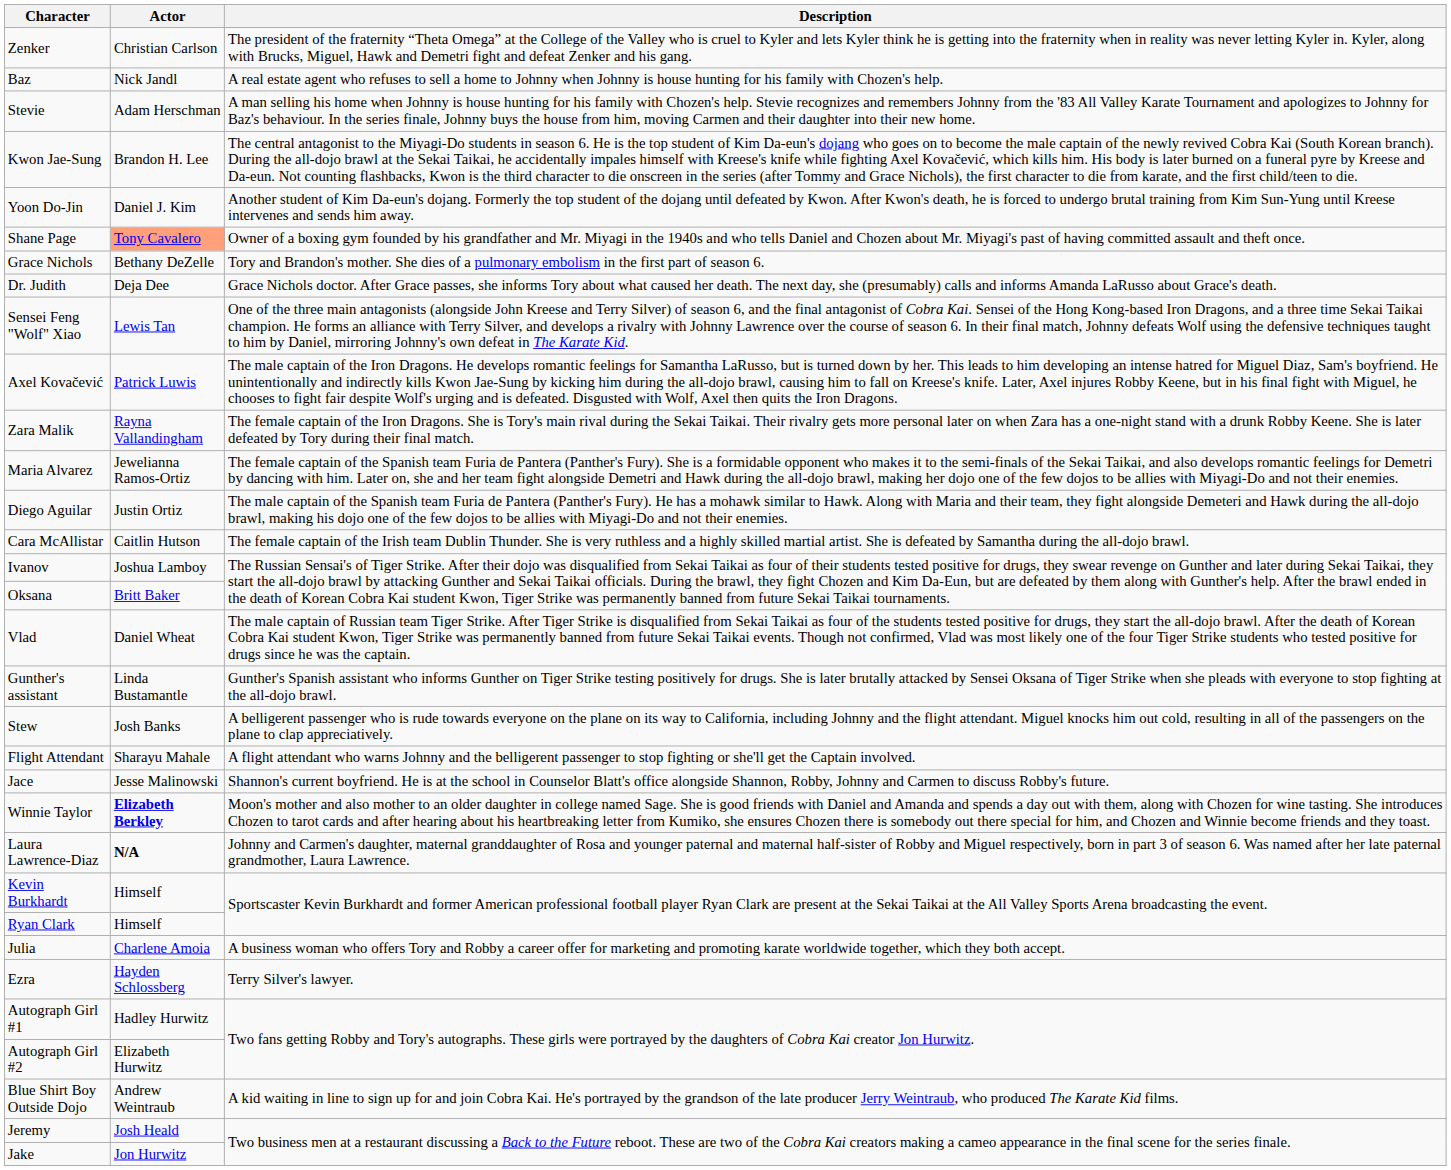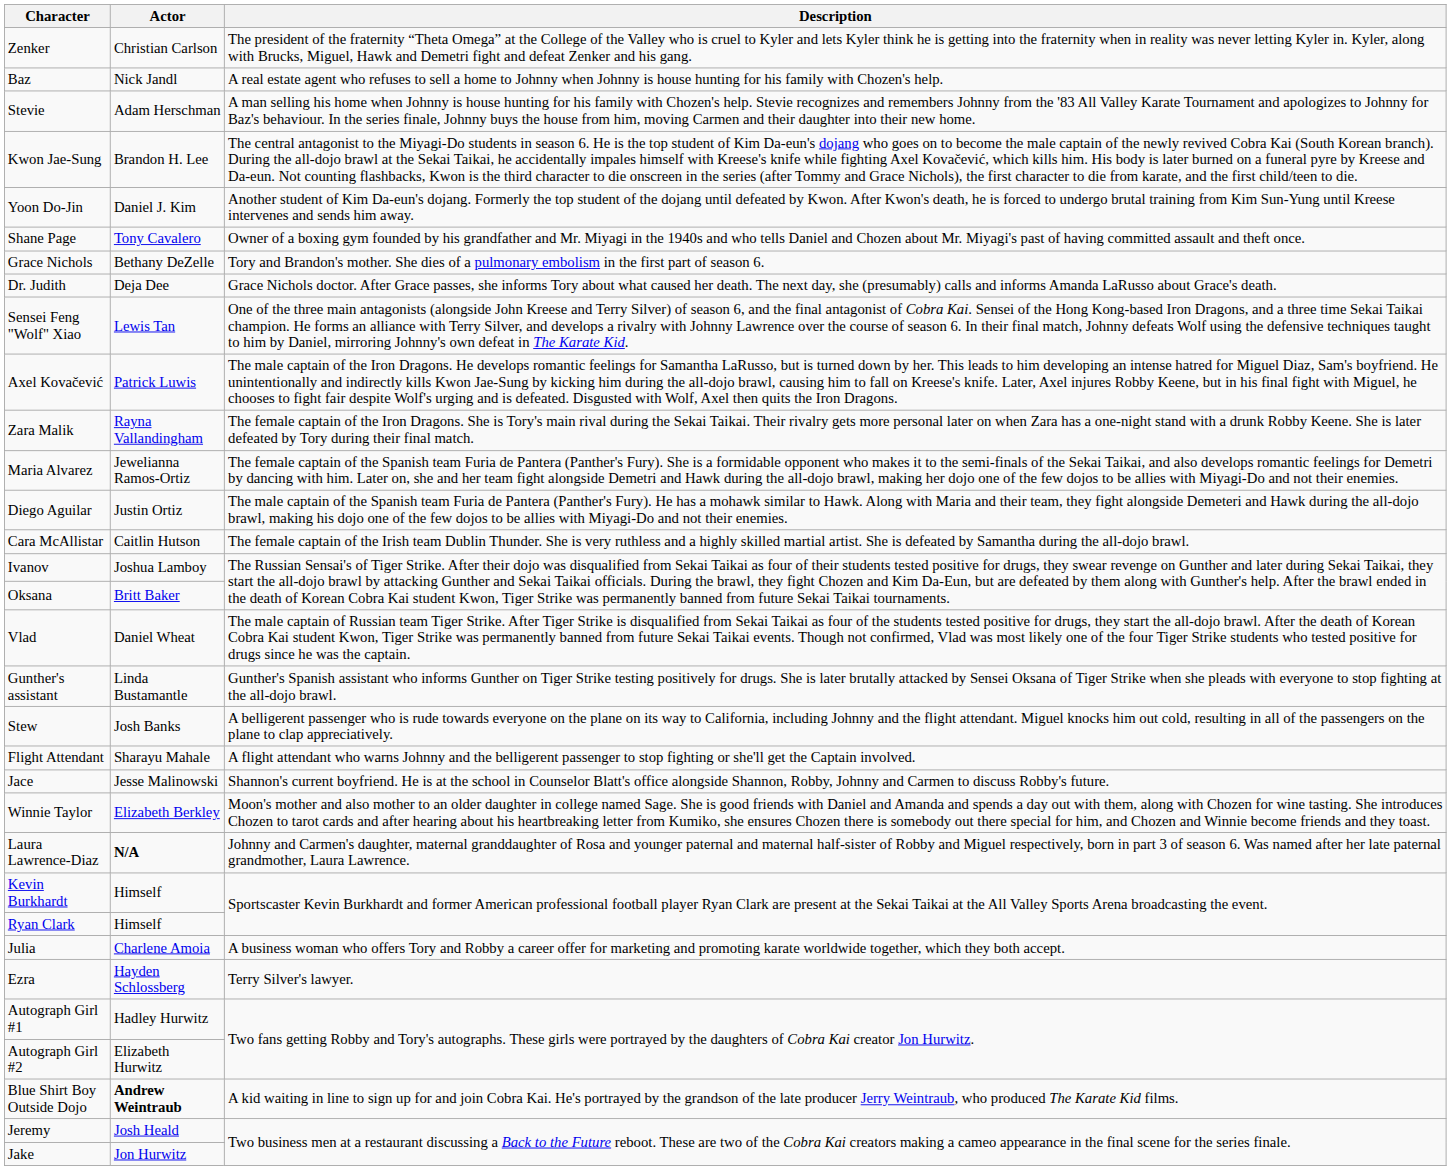 <table class="wikitable">
 <tr>
 <th>Character</th>
 <th>Actor</th>
 <th>Description</th>
 </tr>
 <tr>
 <td>Zenker</td>
 <td>Christian Carlson</td>
 <td>The president of the fraternity “Theta Omega” at the College of the Valley who is cruel to Kyler and lets Kyler think he is getting into the fraternity when in reality was never letting Kyler in. Kyler, along with Brucks, Miguel, Hawk and Demetri fight and defeat Zenker and his gang.</td>
 </tr>
 <tr>
 <td>Baz</td>
 <td>Nick Jandl</td>
 <td>A real estate agent who refuses to sell a home to Johnny when Johnny is house hunting for his family with Chozen's help.</td>
 </tr>
 <tr>
 <td>Stevie</td>
 <td>Adam Herschman</td>
 <td>A man selling his home when Johnny is house hunting for his family with Chozen's help. Stevie recognizes and remembers Johnny from the '83 All Valley Karate Tournament and apologizes to Johnny for Baz's behaviour. In the series finale, Johnny buys the house from him, moving Carmen and their daughter into their new home.</td>
 </tr>
 <tr>
 <td>Kwon Jae-Sung</td>
 <td>Brandon H. Lee</td>
 <td>The central antagonist to the Miyagi-Do students in season 6. He is the top student of Kim Da-eun's <a href='#'>dojang</a> who goes on to become the male captain of the newly revived Cobra Kai (South Korean branch). During the all-dojo brawl at the Sekai Taikai, he accidentally impales himself with Kreese's knife while fighting Axel Kovačević, which kills him. His body is later burned on a funeral pyre by Kreese and Da-eun. Not counting flashbacks, Kwon is the third character to die onscreen in the series (after Tommy and Grace Nichols), the first character to die from karate, and the first child/teen to die.</td>
 </tr>
 <tr>
 <td>Yoon Do-Jin</td>
 <td>Daniel J. Kim</td>
 <td>Another student of Kim Da-eun's dojang. Formerly the top student of the dojang until defeated by Kwon. After Kwon's death, he is forced to undergo brutal training from Kim Sun-Yung until Kreese intervenes and sends him away.</td>
 </tr>
 <tr>
 <td>Shane Page</td>
-<td style="background: lightsalmon;"><a href='#'>Tony Cavalero</a></td>
+<td><a href='#'>Tony Cavalero</a></td>
 <td>Owner of a boxing gym founded by his grandfather and Mr. Miyagi in the 1940s and who tells Daniel and Chozen about Mr. Miyagi's past of having committed assault and theft once.</td>
 </tr>
 <tr>
 <td>Grace Nichols</td>
 <td>Bethany DeZelle</td>
 <td>Tory and Brandon's mother. She dies of a <a href='#'>pulmonary embolism</a> in the first part of season 6.</td>
 </tr>
 <tr>
 <td>Dr. Judith</td>
 <td>Deja Dee</td>
 <td>Grace Nichols doctor. After Grace passes, she informs Tory about what caused her death. The next day, she (presumably) calls and informs Amanda LaRusso about Grace's death.</td>
 </tr>
 <tr>
 <td>Sensei Feng "Wolf" Xiao</td>
 <td><a href='#'>Lewis Tan</a></td>
 <td>One of the three main antagonists (alongside John Kreese and Terry Silver) of season 6, and the final antagonist of <em>Cobra Kai</em>. Sensei of the Hong Kong-based Iron Dragons, and a three time Sekai Taikai champion. He forms an alliance with Terry Silver, and develops a rivalry with Johnny Lawrence over the course of season 6. In their final match, Johnny defeats Wolf using the defensive techniques taught to him by Daniel, mirroring Johnny's own defeat in <em><a href='#'>The Karate Kid</a></em>.</td>
 </tr>
 <tr>
 <td>Axel Kovačević</td>
 <td><a href='#'>Patrick Luwis</a></td>
 <td>The male captain of the Iron Dragons. He develops romantic feelings for Samantha LaRusso, but is turned down by her. This leads to him developing an intense hatred for Miguel Diaz, Sam's boyfriend. He unintentionally and indirectly kills Kwon Jae-Sung by kicking him during the all-dojo brawl, causing him to fall on Kreese's knife. Later, Axel injures Robby Keene, but in his final fight with Miguel, he chooses to fight fair despite Wolf's urging and is defeated. Disgusted with Wolf, Axel then quits the Iron Dragons.</td>
 </tr>
 <tr>
 <td>Zara Malik</td>
 <td><a href='#'>Rayna Vallandingham</a></td>
 <td>The female captain of the Iron Dragons. She is Tory's main rival during the Sekai Taikai. Their rivalry gets more personal later on when Zara has a one-night stand with a drunk Robby Keene. She is later defeated by Tory during their final match.</td>
 </tr>
 <tr>
 <td>Maria Alvarez</td>
 <td>Jewelianna Ramos-Ortiz</td>
 <td>The female captain of the Spanish team Furia de Pantera (Panther's Fury). She is a formidable opponent who makes it to the semi-finals of the Sekai Taikai, and also develops romantic feelings for Demetri by dancing with him. Later on, she and her team fight alongside Demetri and Hawk during the all-dojo brawl, making her dojo one of the few dojos to be allies with Miyagi-Do and not their enemies.</td>
 </tr>
 <tr>
 <td>Diego Aguilar</td>
 <td>Justin Ortiz</td>
 <td>The male captain of the Spanish team Furia de Pantera (Panther's Fury). He has a mohawk similar to Hawk. Along with Maria and their team, they fight alongside Demeteri and Hawk during the all-dojo brawl, making his dojo one of the few dojos to be allies with Miyagi-Do and not their enemies.</td>
 </tr>
 <tr>
 <td>Cara McAllistar</td>
 <td>Caitlin Hutson</td>
 <td>The female captain of the Irish team Dublin Thunder. She is very ruthless and a highly skilled martial artist. She is defeated by Samantha during the all-dojo brawl.</td>
 </tr>
 <tr>
 <td>Ivanov</td>
 <td>Joshua Lamboy</td>
 <td rowspan="2">The Russian Sensai's of Tiger Strike. After their dojo was disqualified from Sekai Taikai as four of their students tested positive for drugs, they swear revenge on Gunther and later during Sekai Taikai, they start the all-dojo brawl by attacking Gunther and Sekai Taikai officials. During the brawl, they fight Chozen and Kim Da-Eun, but are defeated by them along with Gunther's help. After the brawl ended in the death of Korean Cobra Kai student Kwon, Tiger Strike was permanently banned from future Sekai Taikai tournaments.</td>
 </tr>
 <tr>
 <td>Oksana</td>
 <td><a href='#'>Britt Baker</a></td>
 </tr>
 <tr>
 <td>Vlad</td>
 <td>Daniel Wheat</td>
 <td>The male captain of Russian team Tiger Strike. After Tiger Strike is disqualified from Sekai Taikai as four of the students tested positive for drugs, they start the all-dojo brawl. After the death of Korean Cobra Kai student Kwon, Tiger Strike was permanently banned from future Sekai Taikai events. Though not confirmed, Vlad was most likely one of the four Tiger Strike students who tested positive for drugs since he was the captain.</td>
 </tr>
 <tr>
 <td>Gunther's assistant</td>
 <td>Linda Bustamantle</td>
 <td>Gunther's Spanish assistant who informs Gunther on Tiger Strike testing positively for drugs. She is later brutally attacked by Sensei Oksana of Tiger Strike when she pleads with everyone to stop fighting at the all-dojo brawl.</td>
 </tr>
 <tr>
 <td>Stew</td>
 <td>Josh Banks</td>
 <td>A belligerent passenger who is rude towards everyone on the plane on its way to California, including Johnny and the flight attendant. Miguel knocks him out cold, resulting in all of the passengers on the plane to clap appreciatively.</td>
 </tr>
 <tr>
 <td>Flight Attendant</td>
 <td>Sharayu Mahale</td>
 <td>A flight attendant who warns Johnny and the belligerent passenger to stop fighting or she'll get the Captain involved.</td>
 </tr>
 <tr>
 <td>Jace</td>
 <td>Jesse Malinowski</td>
 <td>Shannon's current boyfriend. He is at the school in Counselor Blatt's office alongside Shannon, Robby, Johnny and Carmen to discuss Robby's future.</td>
 </tr>
 <tr>
 <td>Winnie Taylor</td>
-<td><strong><a href='#'>Elizabeth Berkley</a></strong></td>
+<td><a href='#'>Elizabeth Berkley</a></td>
 <td>Moon's mother and also mother to an older daughter in college named Sage. She is good friends with Daniel and Amanda and spends a day out with them, along with Chozen for wine tasting. She introduces Chozen to tarot cards and after hearing about his heartbreaking letter from Kumiko, she ensures Chozen there is somebody out there special for him, and Chozen and Winnie become friends and they toast.</td>
 </tr>
 <tr>
 <td>Laura Lawrence-Diaz</td>
 <td><strong>N/A</strong></td>
 <td>Johnny and Carmen's daughter, maternal granddaughter of Rosa and younger paternal and maternal half-sister of Robby and Miguel respectively, born in part 3 of season 6. Was named after her late paternal grandmother, Laura Lawrence.</td>
 </tr>
 <tr>
 <td><a href='#'>Kevin Burkhardt</a></td>
 <td>Himself</td>
 <td rowspan="2">Sportscaster Kevin Burkhardt and former American professional football player Ryan Clark are present at the Sekai Taikai at the All Valley Sports Arena broadcasting the event.</td>
 </tr>
 <tr>
 <td><a href='#'>Ryan Clark</a></td>
 <td>Himself</td>
 </tr>
 <tr>
 <td>Julia</td>
 <td><a href='#'>Charlene Amoia</a></td>
 <td>A business woman who offers Tory and Robby a career offer for marketing and promoting karate worldwide together, which they both accept.</td>
 </tr>
 <tr>
 <td>Ezra</td>
 <td><a href='#'>Hayden Schlossberg</a></td>
 <td>Terry Silver's lawyer.</td>
 </tr>
 <tr>
 <td>Autograph Girl #1</td>
 <td>Hadley Hurwitz</td>
 <td rowspan="2">Two fans getting Robby and Tory's autographs. These girls were portrayed by the daughters of <em>Cobra Kai</em> creator <a href='#'>Jon Hurwitz</a>.</td>
 </tr>
 <tr>
 <td>Autograph Girl #2</td>
 <td>Elizabeth Hurwitz</td>
 </tr>
 <tr>
 <td>Blue Shirt Boy Outside Dojo</td>
-<td>Andrew Weintraub</td>
+<td><strong>Andrew Weintraub</strong></td>
 <td>A kid waiting in line to sign up for and join Cobra Kai. He's portrayed by the grandson of the late producer <a href='#'>Jerry Weintraub</a>, who produced <em>The Karate Kid</em> films.</td>
 </tr>
 <tr>
 <td>Jeremy</td>
 <td><a href='#'>Josh Heald</a></td>
 <td rowspan="2">Two business men at a restaurant discussing a <em><a href='#'>Back to the Future</a></em> reboot. These are two of the <em>Cobra Kai</em> creators making a cameo appearance in the final scene for the series finale.</td>
 </tr>
 <tr>
 <td>Jake</td>
 <td><a href='#'>Jon Hurwitz</a></td>
 </tr>
 </table>
